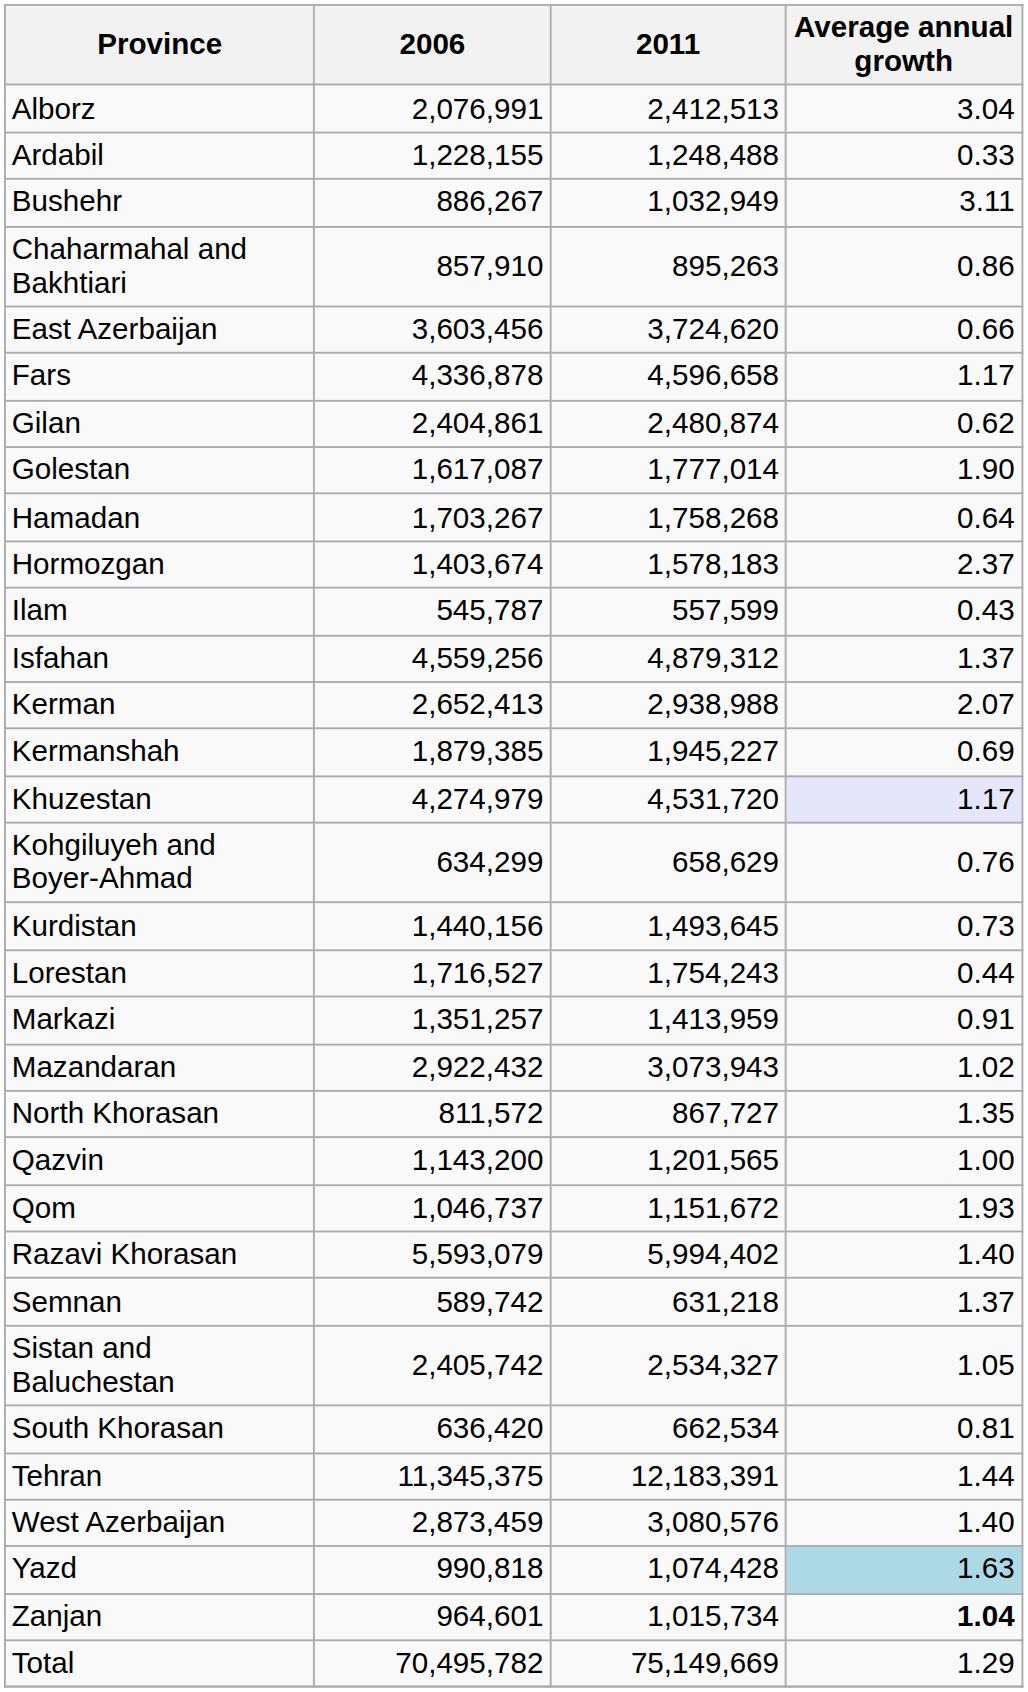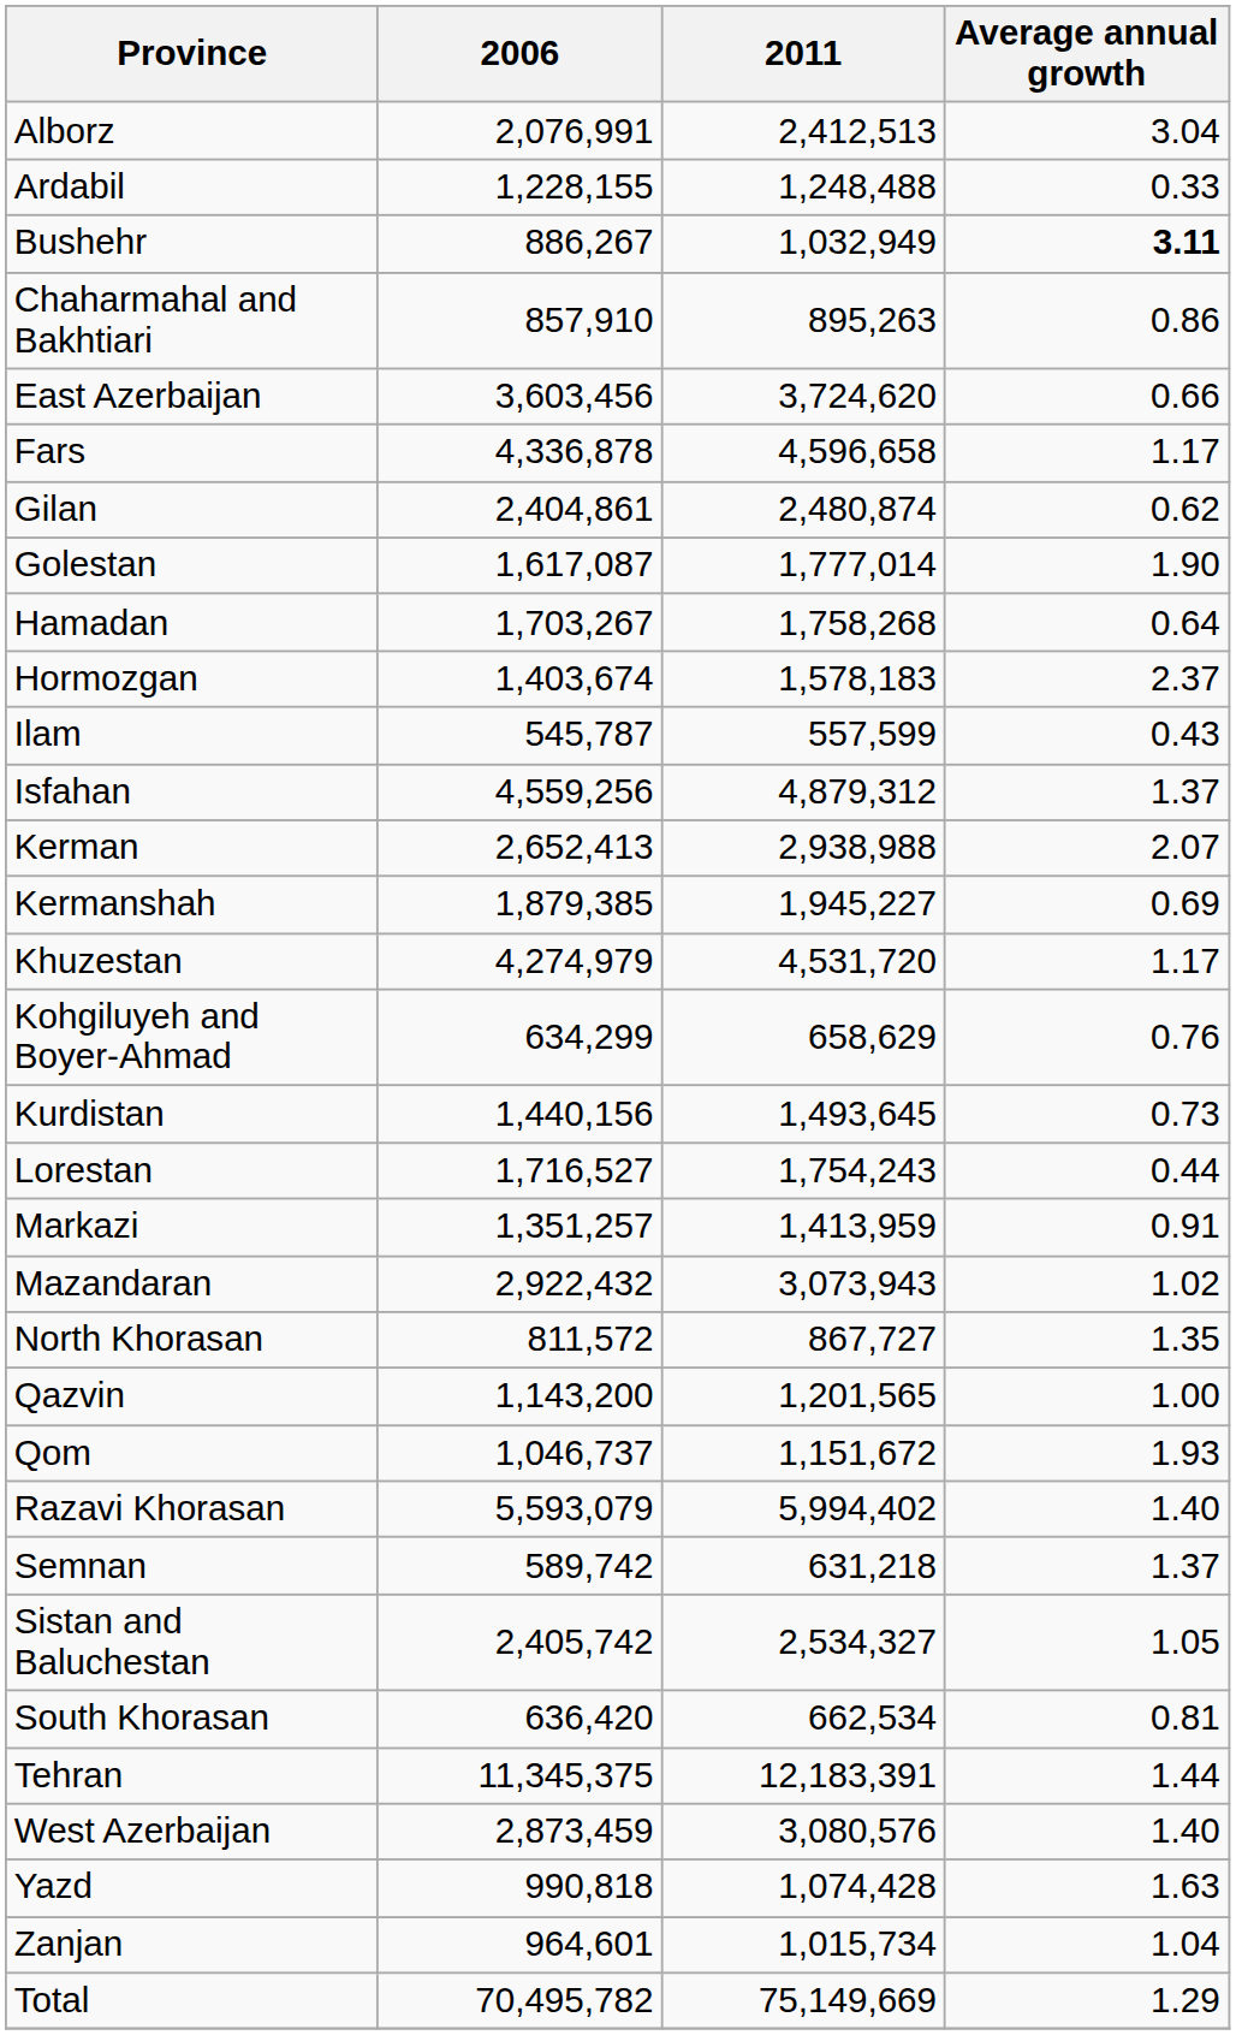 <table class="wikitable sortable">
 <tr>
 <th width="160">Province</th>
 <th width="120">2006</th>
 <th width="120">2011</th>
 <th width="120">Average annual growth</th>
 </tr>
 <tr>
 <td align="left">Alborz</td>
 <td align="right">2,076,991</td>
 <td align="right">2,412,513</td>
 <td align="right">3.04</td>
 </tr>
 <tr>
 <td align="left">Ardabil</td>
 <td align="right">1,228,155</td>
 <td align="right">1,248,488</td>
 <td align="right">0.33</td>
 </tr>
 <tr>
 <td align="left">Bushehr</td>
 <td align="right">886,267</td>
 <td align="right">1,032,949</td>
-<td align="right">3.11</td>
+<td align="right"><strong>3.11</strong></td>
 </tr>
 <tr>
 <td align="left">Chaharmahal and Bakhtiari</td>
 <td align="right">857,910</td>
 <td align="right">895,263</td>
 <td align="right">0.86</td>
 </tr>
 <tr>
 <td align="left">East Azerbaijan</td>
 <td align="right">3,603,456</td>
 <td align="right">3,724,620</td>
 <td align="right">0.66</td>
 </tr>
 <tr>
 <td align="left">Fars</td>
 <td align="right">4,336,878</td>
 <td align="right">4,596,658</td>
 <td align="right">1.17</td>
 </tr>
 <tr>
 <td align="left">Gilan</td>
 <td align="right">2,404,861</td>
 <td align="right">2,480,874</td>
 <td align="right">0.62</td>
 </tr>
 <tr>
 <td align="left">Golestan</td>
 <td align="right">1,617,087</td>
 <td align="right">1,777,014</td>
 <td align="right">1.90</td>
 </tr>
 <tr>
 <td align="left">Hamadan</td>
 <td align="right">1,703,267</td>
 <td align="right">1,758,268</td>
 <td align="right">0.64</td>
 </tr>
 <tr>
 <td align="left">Hormozgan</td>
 <td align="right">1,403,674</td>
 <td align="right">1,578,183</td>
 <td align="right">2.37</td>
 </tr>
 <tr>
 <td align="left">Ilam</td>
 <td align="right">545,787</td>
 <td align="right">557,599</td>
 <td align="right">0.43</td>
 </tr>
 <tr>
 <td align="left">Isfahan</td>
 <td align="right">4,559,256</td>
 <td align="right">4,879,312</td>
 <td align="right">1.37</td>
 </tr>
 <tr>
 <td align="left">Kerman</td>
 <td align="right">2,652,413</td>
 <td align="right">2,938,988</td>
 <td align="right">2.07</td>
 </tr>
 <tr>
 <td align="left">Kermanshah</td>
 <td align="right">1,879,385</td>
 <td align="right">1,945,227</td>
 <td align="right">0.69</td>
 </tr>
 <tr>
 <td align="left">Khuzestan</td>
 <td align="right">4,274,979</td>
 <td align="right">4,531,720</td>
-<td align="right" style="background: lavender;">1.17</td>
+<td align="right">1.17</td>
 </tr>
 <tr>
 <td align="left">Kohgiluyeh and Boyer-Ahmad</td>
 <td align="right">634,299</td>
 <td align="right">658,629</td>
 <td align="right">0.76</td>
 </tr>
 <tr>
 <td align="left">Kurdistan</td>
 <td align="right">1,440,156</td>
 <td align="right">1,493,645</td>
 <td align="right">0.73</td>
 </tr>
 <tr>
 <td align="left">Lorestan</td>
 <td align="right">1,716,527</td>
 <td align="right">1,754,243</td>
 <td align="right">0.44</td>
 </tr>
 <tr>
 <td align="left">Markazi</td>
 <td align="right">1,351,257</td>
 <td align="right">1,413,959</td>
 <td align="right">0.91</td>
 </tr>
 <tr>
 <td align="left">Mazandaran</td>
 <td align="right">2,922,432</td>
 <td align="right">3,073,943</td>
 <td align="right">1.02</td>
 </tr>
 <tr>
 <td align="left">North Khorasan</td>
 <td align="right">811,572</td>
 <td align="right">867,727</td>
 <td align="right">1.35</td>
 </tr>
 <tr>
 <td align="left">Qazvin</td>
 <td align="right">1,143,200</td>
 <td align="right">1,201,565</td>
 <td align="right">1.00</td>
 </tr>
 <tr>
 <td align="left">Qom</td>
 <td align="right">1,046,737</td>
 <td align="right">1,151,672</td>
 <td align="right">1.93</td>
 </tr>
 <tr>
 <td align="left">Razavi Khorasan</td>
 <td align="right">5,593,079</td>
 <td align="right">5,994,402</td>
 <td align="right">1.40</td>
 </tr>
 <tr>
 <td align="left">Semnan</td>
 <td align="right">589,742</td>
 <td align="right">631,218</td>
 <td align="right">1.37</td>
 </tr>
 <tr>
 <td align="left">Sistan and Baluchestan</td>
 <td align="right">2,405,742</td>
 <td align="right">2,534,327</td>
 <td align="right">1.05</td>
 </tr>
 <tr>
 <td align="left">South Khorasan</td>
 <td align="right">636,420</td>
 <td align="right">662,534</td>
 <td align="right">0.81</td>
 </tr>
 <tr>
 <td align="left">Tehran</td>
 <td align="right">11,345,375</td>
 <td align="right">12,183,391</td>
 <td align="right">1.44</td>
 </tr>
 <tr>
 <td align="left">West Azerbaijan</td>
 <td align="right">2,873,459</td>
 <td align="right">3,080,576</td>
 <td align="right">1.40</td>
 </tr>
 <tr>
 <td align="left">Yazd</td>
 <td align="right">990,818</td>
 <td align="right">1,074,428</td>
-<td align="right" style="background: lightblue;">1.63</td>
+<td align="right">1.63</td>
 </tr>
 <tr>
 <td align="left">Zanjan</td>
 <td align="right">964,601</td>
 <td align="right">1,015,734</td>
-<td align="right"><strong>1.04</strong></td>
+<td align="right">1.04</td>
 </tr>
 <tr>
 <td align="left">Total</td>
 <td align="right">70,495,782</td>
 <td align="right">75,149,669</td>
 <td align="right">1.29</td>
 </tr>
 <tr>
 </tr>
 </table>
